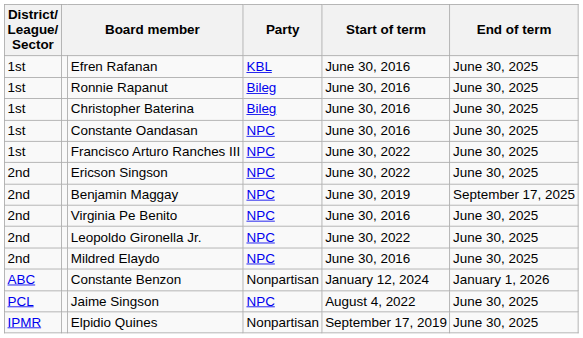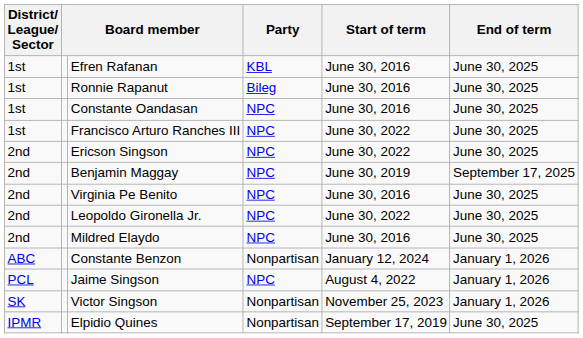 <table class="wikitable">
 <tr>
 <th>District/<br>League/<br>Sector</th>
 <th colspan="2">Board member</th>
 <th>Party</th>
 <th>Start of term</th>
 <th>End of term</th>
 </tr>
 <tr>
 <td>1st</td>
 <td></td>
 <td>Efren Rafanan</td>
 <td><a href='#'>KBL</a></td>
 <td>June 30, 2016</td>
 <td>June 30, 2025</td>
 </tr>
 <tr>
 <td>1st</td>
 <td></td>
 <td>Ronnie Rapanut</td>
-<td><a href='#'>Bileg</a></td>
-<td>June 30, 2016</td>
-<td>June 30, 2025</td>
-</tr>
-<tr>
-<td>1st</td>
-<td></td>
-<td>Christopher Baterina</td>
 <td><a href='#'>Bileg</a></td>
 <td>June 30, 2016</td>
 <td>June 30, 2025</td>
 </tr>
 <tr>
 <td>1st</td>
 <td></td>
 <td>Constante Oandasan</td>
 <td><a href='#'>NPC</a></td>
 <td>June 30, 2016</td>
 <td>June 30, 2025</td>
 </tr>
 <tr>
 <td>1st</td>
 <td></td>
 <td>Francisco Arturo Ranches III</td>
 <td><a href='#'>NPC</a></td>
 <td>June 30, 2022</td>
 <td>June 30, 2025</td>
 </tr>
 <tr>
 <td>2nd</td>
 <td></td>
 <td>Ericson Singson</td>
 <td><a href='#'>NPC</a></td>
 <td>June 30, 2022</td>
 <td>June 30, 2025</td>
 </tr>
 <tr>
 <td>2nd</td>
 <td></td>
 <td>Benjamin Maggay</td>
 <td><a href='#'>NPC</a></td>
 <td>June 30, 2019</td>
 <td>September 17, 2025</td>
 </tr>
 <tr>
 <td>2nd</td>
 <td></td>
 <td>Virginia Pe Benito</td>
 <td><a href='#'>NPC</a></td>
 <td>June 30, 2016</td>
 <td>June 30, 2025</td>
 </tr>
 <tr>
 <td>2nd</td>
 <td></td>
 <td>Leopoldo Gironella Jr.</td>
 <td><a href='#'>NPC</a></td>
 <td>June 30, 2022</td>
 <td>June 30, 2025</td>
 </tr>
 <tr>
 <td>2nd</td>
 <td></td>
 <td>Mildred Elaydo</td>
 <td><a href='#'>NPC</a></td>
 <td>June 30, 2016</td>
 <td>June 30, 2025</td>
 </tr>
 <tr>
 <td><a href='#'>ABC</a></td>
 <td></td>
 <td>Constante Benzon</td>
 <td>Nonpartisan</td>
 <td>January 12, 2024</td>
 <td>January 1, 2026</td>
 </tr>
 <tr>
 <td><a href='#'>PCL</a></td>
 <td></td>
 <td>Jaime Singson</td>
 <td><a href='#'>NPC</a></td>
 <td>August 4, 2022</td>
-<td>June 30, 2025</td>
+<td>January 1, 2026</td>
+</tr>
+<tr>
+<td><a href='#'>SK</a></td>
+<td></td>
+<td>Victor Singson</td>
+<td>Nonpartisan</td>
+<td>November 25, 2023</td>
+<td>January 1, 2026</td>
 </tr>
 <tr>
 <td><a href='#'>IPMR</a></td>
 <td></td>
 <td>Elpidio Quines</td>
 <td>Nonpartisan</td>
 <td>September 17, 2019</td>
 <td>June 30, 2025</td>
 </tr>
 </table>
